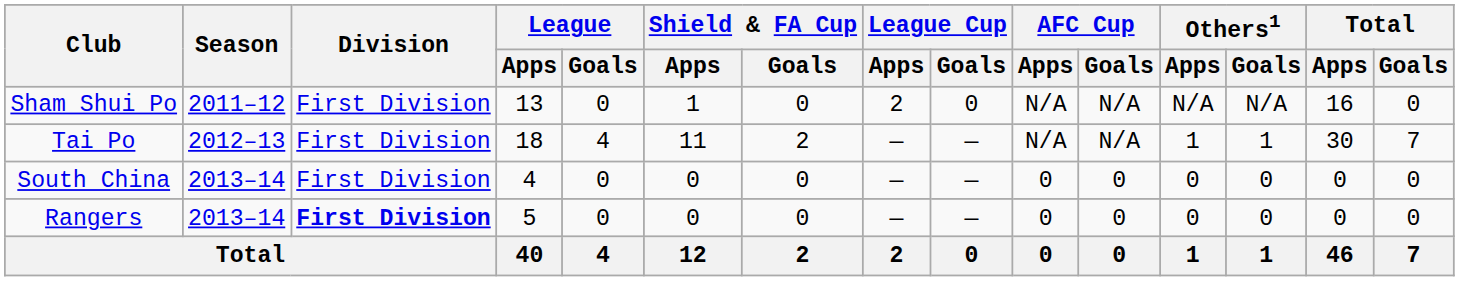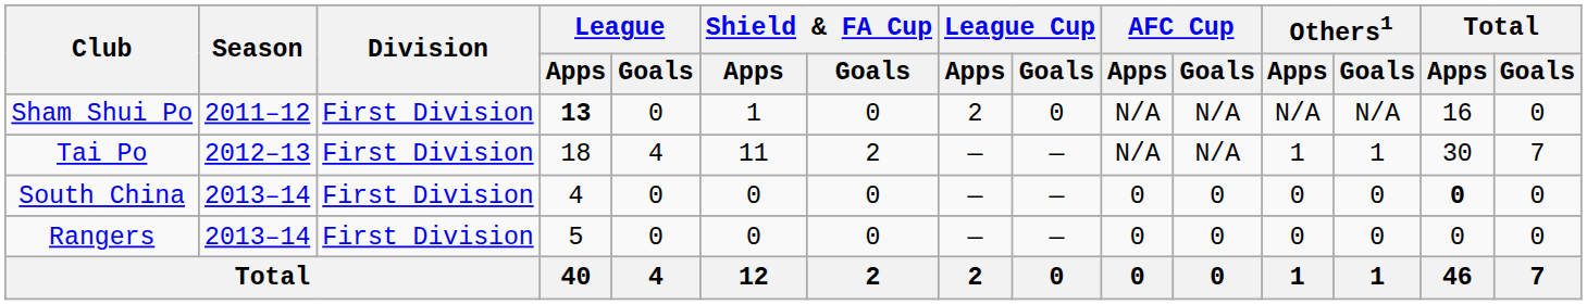 <table class="wikitable" style="text-align: center;">
 <tr>
 <th rowspan="2">Club</th>
 <th rowspan="2">Season</th>
 <th rowspan="2">Division</th>
 <th colspan="2"><a href='#'>League</a></th>
 <th colspan="2"><a href='#'>Shield</a> & <a href='#'>FA Cup</a></th>
 <th colspan="2"><a href='#'>League Cup</a></th>
 <th colspan="2"><a href='#'>AFC Cup</a></th>
 <th colspan="2">Others<sup>1</sup></th>
 <th colspan="2">Total</th>
 </tr>
 <tr>
 <th>Apps</th>
 <th>Goals</th>
 <th>Apps</th>
 <th>Goals</th>
 <th>Apps</th>
 <th>Goals</th>
 <th>Apps</th>
 <th>Goals</th>
 <th>Apps</th>
 <th>Goals</th>
 <th>Apps</th>
 <th>Goals</th>
 </tr>
 <tr>
 <td valign="center"><a href='#'>Sham Shui Po</a></td>
 <td><a href='#'>2011–12</a></td>
 <td><a href='#'>First Division</a></td>
-<td>13</td>
+<td><strong>13</strong></td>
 <td>0</td>
 <td>1</td>
 <td>0</td>
 <td>2</td>
 <td>0</td>
 <td>N/A</td>
 <td>N/A</td>
 <td>N/A</td>
 <td>N/A</td>
 <td>16</td>
 <td>0</td>
 </tr>
 <tr>
 <td valign="center"><a href='#'>Tai Po</a></td>
 <td><a href='#'>2012–13</a></td>
 <td><a href='#'>First Division</a></td>
 <td>18</td>
 <td>4</td>
 <td>11</td>
 <td>2</td>
 <td>—</td>
 <td>—</td>
 <td>N/A</td>
 <td>N/A</td>
 <td>1</td>
 <td>1</td>
 <td>30</td>
 <td>7</td>
 </tr>
 <tr>
 <td valign="center"><a href='#'>South China</a></td>
 <td><a href='#'>2013–14</a></td>
 <td><a href='#'>First Division</a></td>
 <td>4</td>
 <td>0</td>
 <td>0</td>
 <td>0</td>
 <td>—</td>
 <td>—</td>
 <td>0</td>
 <td>0</td>
 <td>0</td>
 <td>0</td>
-<td>0</td>
+<td><strong>0</strong></td>
 <td>0</td>
 </tr>
 <tr>
 <td valign="center"><a href='#'>Rangers</a></td>
 <td><a href='#'>2013–14</a></td>
-<td><strong><a href='#'>First Division</a></strong></td>
+<td><a href='#'>First Division</a></td>
 <td>5</td>
 <td>0</td>
 <td>0</td>
 <td>0</td>
 <td>—</td>
 <td>—</td>
 <td>0</td>
 <td>0</td>
 <td>0</td>
 <td>0</td>
 <td>0</td>
 <td>0</td>
 </tr>
 <tr>
 <th colspan="3">Total</th>
 <th>40</th>
 <th>4</th>
 <th>12</th>
 <th>2</th>
 <th>2</th>
 <th>0</th>
 <th>0</th>
 <th>0</th>
 <th>1</th>
 <th>1</th>
 <th>46</th>
 <th>7</th>
 </tr>
 </table>
